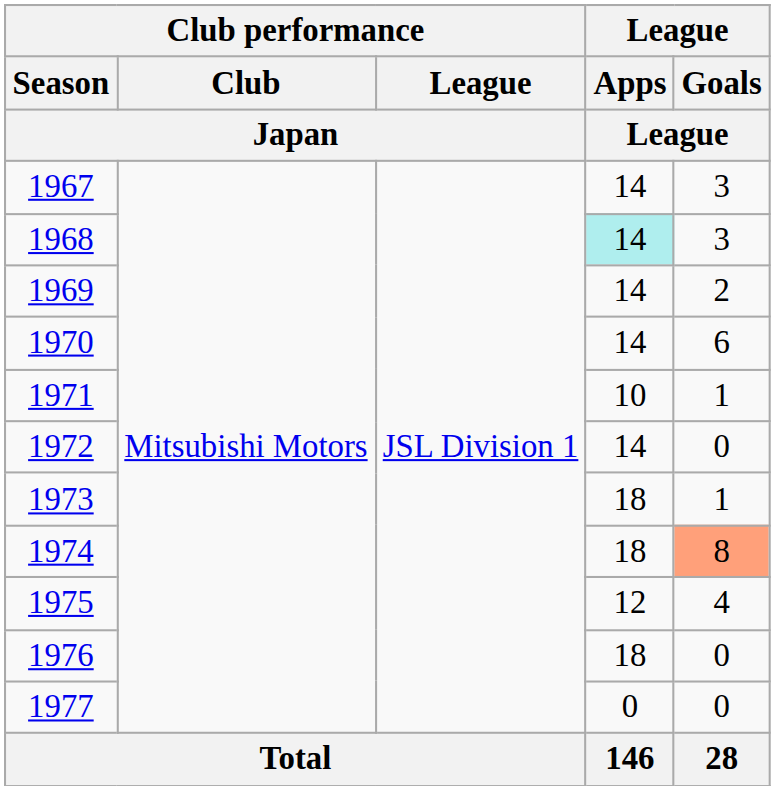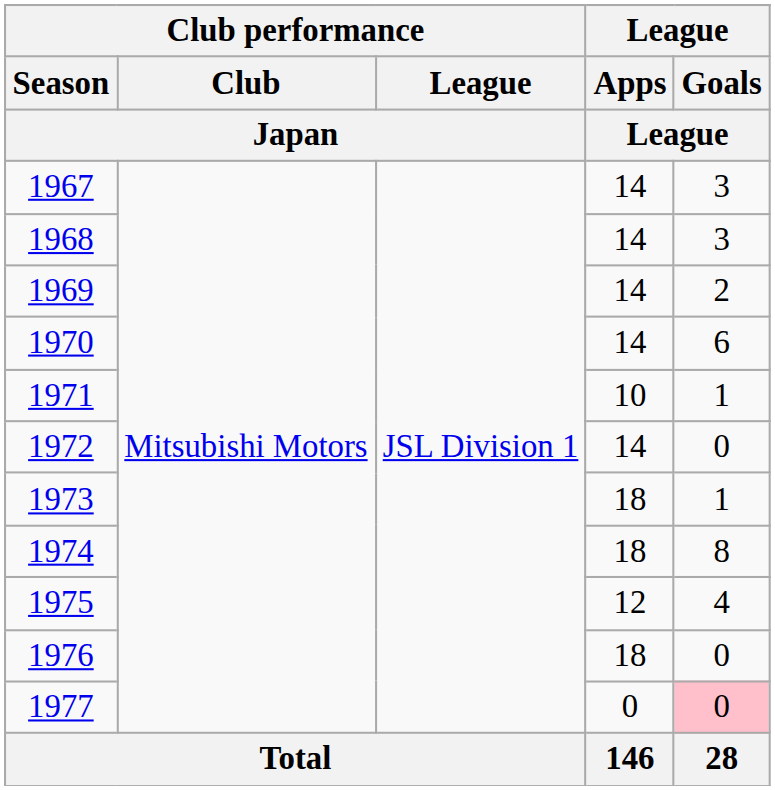 <table class="wikitable" style="text-align:center;">
 <tr>
 <th colspan=3>Club performance</th>
 <th colspan=2>League</th>
 </tr>
 <tr>
 <th>Season</th>
 <th>Club</th>
 <th>League</th>
 <th>Apps</th>
 <th>Goals</th>
 </tr>
 <tr>
 <th colspan=3>Japan</th>
 <th colspan=2>League</th>
 </tr>
 <tr>
 <td><a href='#'>1967</a></td>
 <td rowspan="11"><a href='#'>Mitsubishi Motors</a></td>
 <td rowspan="11"><a href='#'>JSL Division 1</a></td>
 <td>14</td>
 <td>3</td>
 </tr>
 <tr>
 <td><a href='#'>1968</a></td>
-<td style="background: paleturquoise;">14</td>
+<td>14</td>
 <td>3</td>
 </tr>
 <tr>
 <td><a href='#'>1969</a></td>
 <td>14</td>
 <td>2</td>
 </tr>
 <tr>
 <td><a href='#'>1970</a></td>
 <td>14</td>
 <td>6</td>
 </tr>
 <tr>
 <td><a href='#'>1971</a></td>
 <td>10</td>
 <td>1</td>
 </tr>
 <tr>
 <td><a href='#'>1972</a></td>
 <td>14</td>
 <td>0</td>
 </tr>
 <tr>
 <td><a href='#'>1973</a></td>
 <td>18</td>
 <td>1</td>
 </tr>
 <tr>
 <td><a href='#'>1974</a></td>
 <td>18</td>
-<td style="background: lightsalmon;">8</td>
+<td>8</td>
 </tr>
 <tr>
 <td><a href='#'>1975</a></td>
 <td>12</td>
 <td>4</td>
 </tr>
 <tr>
 <td><a href='#'>1976</a></td>
 <td>18</td>
 <td>0</td>
 </tr>
 <tr>
 <td><a href='#'>1977</a></td>
 <td>0</td>
-<td>0</td>
+<td style="background: pink;">0</td>
 </tr>
 <tr>
 <th colspan=3>Total</th>
 <th>146</th>
 <th>28</th>
 </tr>
 </table>
